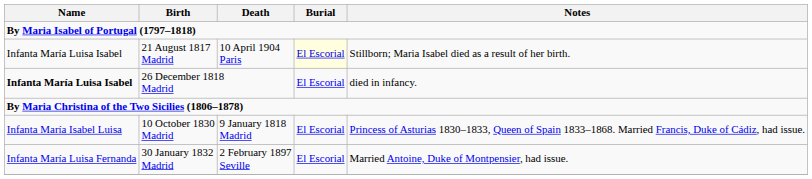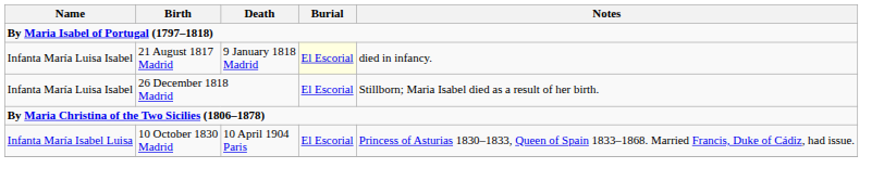 <table class="wikitable">
 <tr>
 <th>Name</th>
 <th>Birth</th>
 <th>Death</th>
 <th>Burial</th>
 <th>Notes</th>
 </tr>
 <tr>
 <td colspan=5><strong>By <a href='#'>Maria Isabel of Portugal</a> (1797–1818)</strong></td>
 </tr>
 <tr>
 <td>Infanta María Luisa Isabel</td>
 <td>21 August 1817<br><a href='#'>Madrid</a></td>
-<td>10 April 1904<br><a href='#'>Paris</a></td>
+<td>9 January 1818<br><a href='#'>Madrid</a></td>
 <td style="background: lightyellow;"><a href='#'>El Escorial</a></td>
-<td>Stillborn; Maria Isabel died as a result of her birth.</td>
+<td>died in infancy.</td>
 </tr>
 <tr>
-<td><strong>Infanta María Luisa Isabel</strong></td>
+<td>Infanta María Luisa Isabel</td>
 <td colspan=2 style="text=align:center">26 December 1818<br><a href='#'>Madrid</a></td>
 <td><a href='#'>El Escorial</a></td>
-<td>died in infancy.</td>
+<td>Stillborn; Maria Isabel died as a result of her birth.</td>
 </tr>
 <tr>
 <td colspan=5><strong>By <a href='#'>Maria Christina of the Two Sicilies</a> (1806–1878)</strong></td>
 </tr>
 <tr>
 <td><a href='#'>Infanta María Isabel Luisa</a></td>
 <td>10 October 1830<br><a href='#'>Madrid</a></td>
-<td>9 January 1818<br><a href='#'>Madrid</a></td>
+<td>10 April 1904<br><a href='#'>Paris</a></td>
 <td><a href='#'>El Escorial</a></td>
 <td><a href='#'>Princess of Asturias</a> 1830–1833, <a href='#'>Queen of Spain</a> 1833–1868. Married <a href='#'>Francis, Duke of Cádiz</a>, had issue.</td>
 </tr>
 <tr>
-<td><a href='#'>Infanta María Luisa Fernanda</a></td>
-<td>30 January 1832<br><a href='#'>Madrid</a></td>
-<td>2 February 1897<br><a href='#'>Seville</a></td>
-<td><a href='#'>El Escorial</a></td>
-<td>Married <a href='#'>Antoine, Duke of Montpensier</a>, had issue.</td>
-</tr>
-<tr>
 </tr>
 </table>
